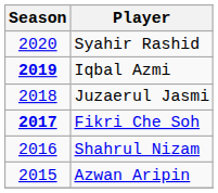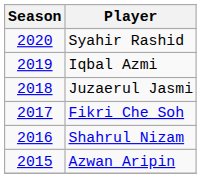 <table class="wikitable">
 <tr>
 <th>Season</th>
 <th>Player</th>
 </tr>
 <tr>
 <td rowspan="1" style="text-align:center;"><a href='#'>2020</a></td>
 <td> Syahir Rashid</td>
 </tr>
 <tr>
-<td rowspan="1" style="text-align:center;"><strong><a href='#'>2019</a></strong></td>
+<td rowspan="1" style="text-align:center;"><a href='#'>2019</a></td>
 <td> Iqbal Azmi</td>
 </tr>
 <tr>
 <td rowspan="1" style="text-align:center;"><a href='#'>2018</a></td>
 <td> Juzaerul Jasmi</td>
 </tr>
 <tr>
-<td rowspan="1" style="text-align:center;"><strong><a href='#'>2017</a></strong></td>
+<td rowspan="1" style="text-align:center;"><a href='#'>2017</a></td>
 <td> <a href='#'>Fikri Che Soh</a></td>
 </tr>
 <tr>
 <td rowspan="1" style="text-align:center;"><a href='#'>2016</a></td>
 <td> <a href='#'>Shahrul Nizam</a></td>
 </tr>
 <tr>
 <td rowspan="1" style="text-align:center;"><a href='#'>2015</a></td>
 <td> <a href='#'>Azwan Aripin</a></td>
 </tr>
 <tr>
 </tr>
 </table>
